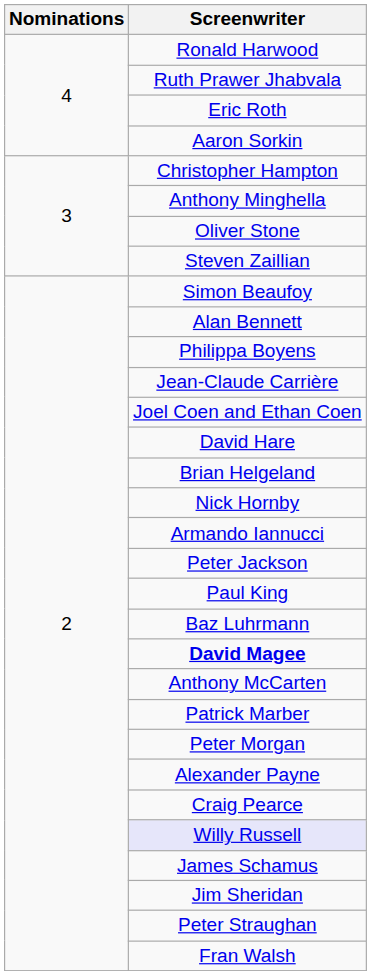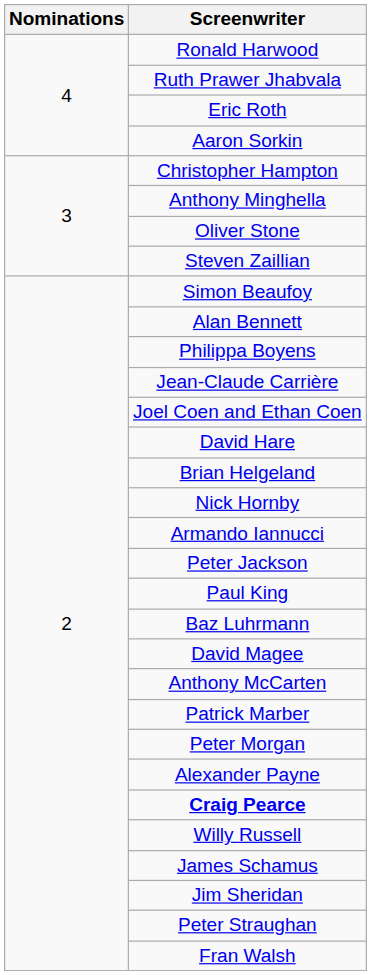 <table class="wikitable" style="text-align: center;">
 <tr>
 <th scope="col" width="55">Nominations</th>
 <th scope="col" align="center">Screenwriter</th>
 </tr>
 <tr>
 <td rowspan="4" style="text-align:center;">4</td>
 <td><a href='#'>Ronald Harwood</a></td>
 </tr>
 <tr>
 <td><a href='#'>Ruth Prawer Jhabvala</a></td>
 </tr>
 <tr>
 <td><a href='#'>Eric Roth</a></td>
 </tr>
 <tr>
 <td><a href='#'>Aaron Sorkin</a></td>
 </tr>
 <tr>
 <td rowspan="4" style="text-align:center;">3</td>
 <td><a href='#'>Christopher Hampton</a></td>
 </tr>
 <tr>
 <td><a href='#'>Anthony Minghella</a></td>
 </tr>
 <tr>
 <td><a href='#'>Oliver Stone</a></td>
 </tr>
 <tr>
 <td><a href='#'>Steven Zaillian</a></td>
 </tr>
 <tr>
 <td rowspan="23" style="text-align:center;">2</td>
 <td><a href='#'>Simon Beaufoy</a></td>
 </tr>
 <tr>
 <td><a href='#'>Alan Bennett</a></td>
 </tr>
 <tr>
 <td><a href='#'>Philippa Boyens</a></td>
 </tr>
 <tr>
 <td><a href='#'>Jean-Claude Carrière</a></td>
 </tr>
 <tr>
 <td><a href='#'>Joel Coen and Ethan Coen</a></td>
 </tr>
 <tr>
 <td><a href='#'>David Hare</a></td>
 </tr>
 <tr>
 <td><a href='#'>Brian Helgeland</a></td>
 </tr>
 <tr>
 <td><a href='#'>Nick Hornby</a></td>
 </tr>
 <tr>
 <td><a href='#'>Armando Iannucci</a></td>
 </tr>
 <tr>
 <td><a href='#'>Peter Jackson</a></td>
 </tr>
 <tr>
 <td><a href='#'>Paul King</a></td>
 </tr>
 <tr>
 <td><a href='#'>Baz Luhrmann</a></td>
 </tr>
 <tr>
-<td><strong><a href='#'>David Magee</a></strong></td>
+<td><a href='#'>David Magee</a></td>
 </tr>
 <tr>
 <td><a href='#'>Anthony McCarten</a></td>
 </tr>
 <tr>
 <td><a href='#'>Patrick Marber</a></td>
 </tr>
 <tr>
 <td><a href='#'>Peter Morgan</a></td>
 </tr>
 <tr>
 <td><a href='#'>Alexander Payne</a></td>
 </tr>
 <tr>
-<td><a href='#'>Craig Pearce</a></td>
+<td><strong><a href='#'>Craig Pearce</a></strong></td>
 </tr>
 <tr>
-<td style="background: lavender;"><a href='#'>Willy Russell</a></td>
+<td><a href='#'>Willy Russell</a></td>
 </tr>
 <tr>
 <td><a href='#'>James Schamus</a></td>
 </tr>
 <tr>
 <td><a href='#'>Jim Sheridan</a></td>
 </tr>
 <tr>
 <td><a href='#'>Peter Straughan</a></td>
 </tr>
 <tr>
 <td><a href='#'>Fran Walsh</a></td>
 </tr>
 <tr>
 </tr>
 </table>
